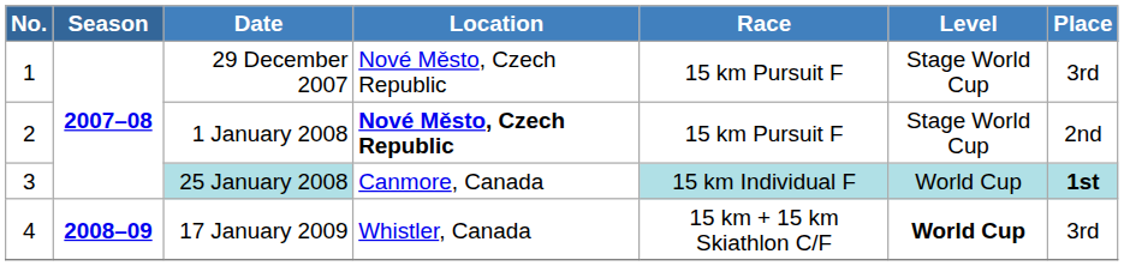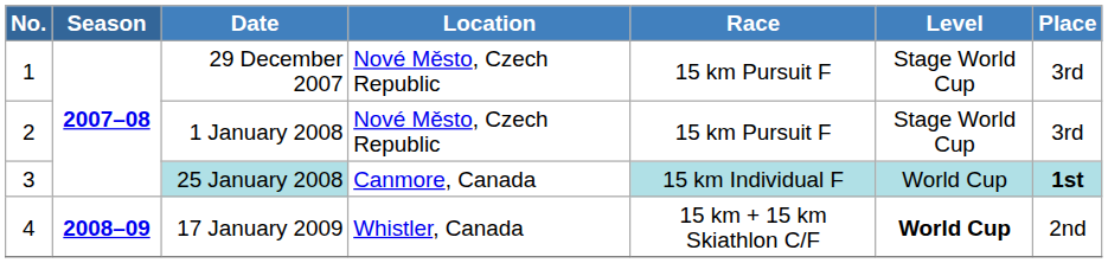 <table class="wikitable sortable" style="font-size:95%; text-align:center; border:grey solid 1px; border-collapse:collapse; background:#ffffff;">
 <tr style="background:#efefef;">
 <th style="background-color:#369; color:white;">No.</th>
 <th style="background-color:#369; color:white;">Season</th>
 <th style="background-color:#4180be; color:white; width:120px;">Date</th>
 <th style="background-color:#4180be; color:white; width:185px;">Location</th>
 <th style="background-color:#4180be; color:white; width:160px;">Race</th>
 <th style="background-color:#4180be; color:white; width:100px;">Level</th>
 <th style="background-color:#4180be; color:white;">Place</th>
 </tr>
 <tr>
 <td align=center>1</td>
 <td rowspan=3 align=center><strong> <a href='#'>2007–08</a> </strong></td>
 <td align=right>29 December 2007</td>
 <td align=left> <a href='#'>Nové Město</a>, Czech Republic</td>
 <td>15 km Pursuit F</td>
 <td>Stage World Cup</td>
 <td>3rd</td>
 </tr>
 <tr>
 <td align=center>2</td>
 <td align=right>1 January 2008</td>
-<td align=left><strong> <a href='#'>Nové Město</a>, Czech Republic</strong></td>
+<td align=left> <a href='#'>Nové Město</a>, Czech Republic</td>
 <td>15 km Pursuit F</td>
 <td>Stage World Cup</td>
-<td>2nd</td>
+<td>3rd</td>
 </tr>
 <tr>
 <td align=center>3</td>
 <td bgcolor="#BOEOE6" align=right>25 January 2008</td>
 <td align=left> <a href='#'>Canmore</a>, Canada</td>
 <td bgcolor="#BOEOE6">15 km Individual F</td>
 <td bgcolor="#BOEOE6">World Cup</td>
 <td bgcolor="#BOEOE6"><strong>1st</strong></td>
 </tr>
 <tr>
 <td align=center>4</td>
 <td rowspan=1 align=center><strong> <a href='#'>2008–09</a> </strong></td>
 <td align=right>17 January 2009</td>
 <td align=left> <a href='#'>Whistler</a>, Canada</td>
 <td>15 km + 15 km Skiathlon C/F</td>
 <td><strong>World Cup</strong></td>
-<td>3rd</td>
+<td>2nd</td>
 </tr>
 <tr>
 </tr>
 </table>
